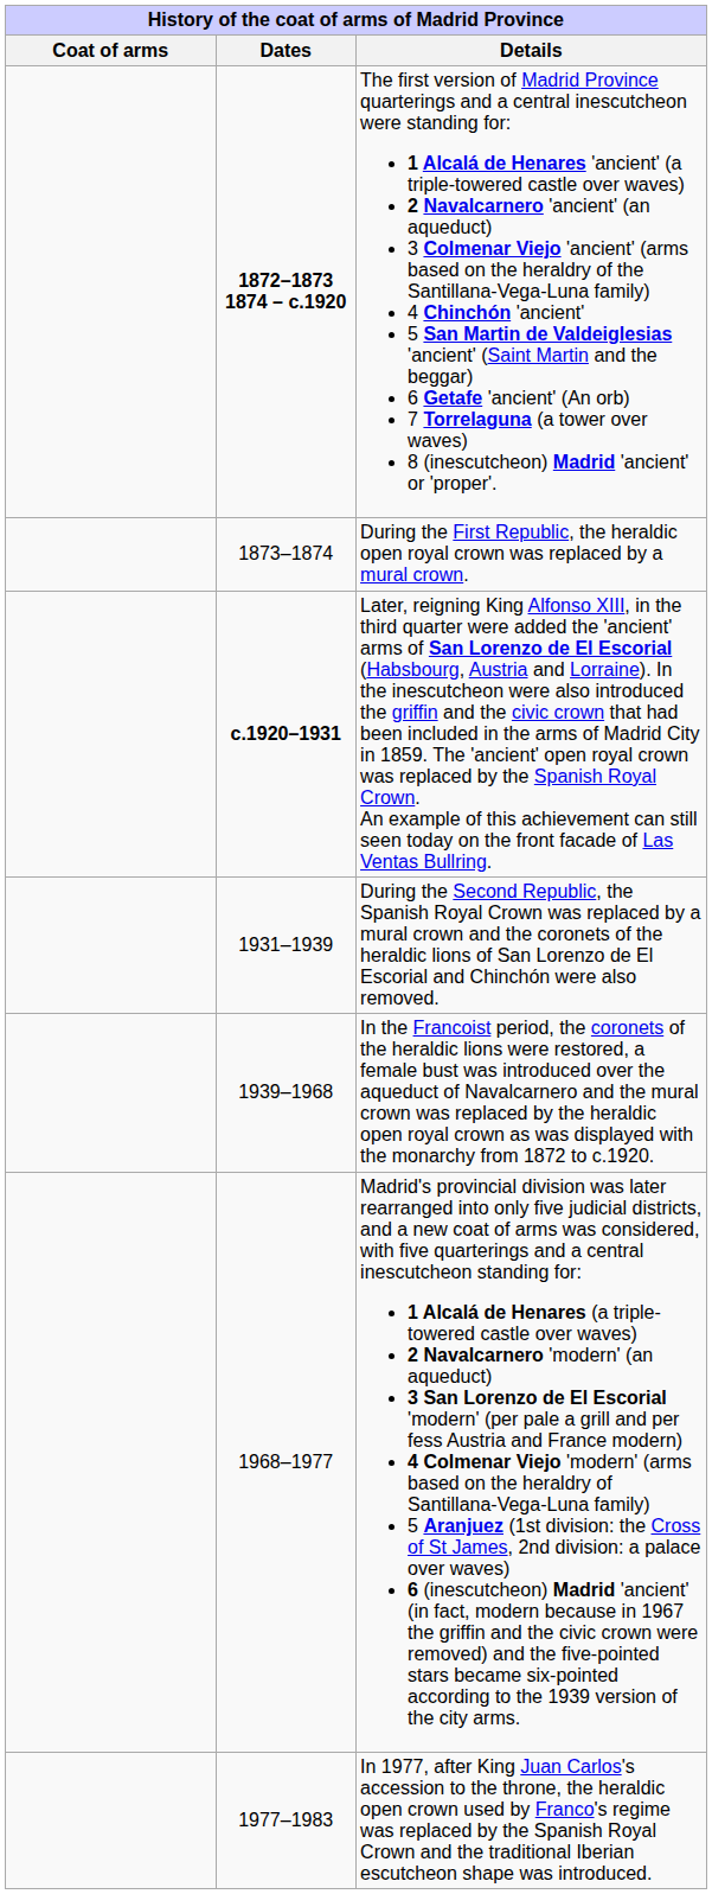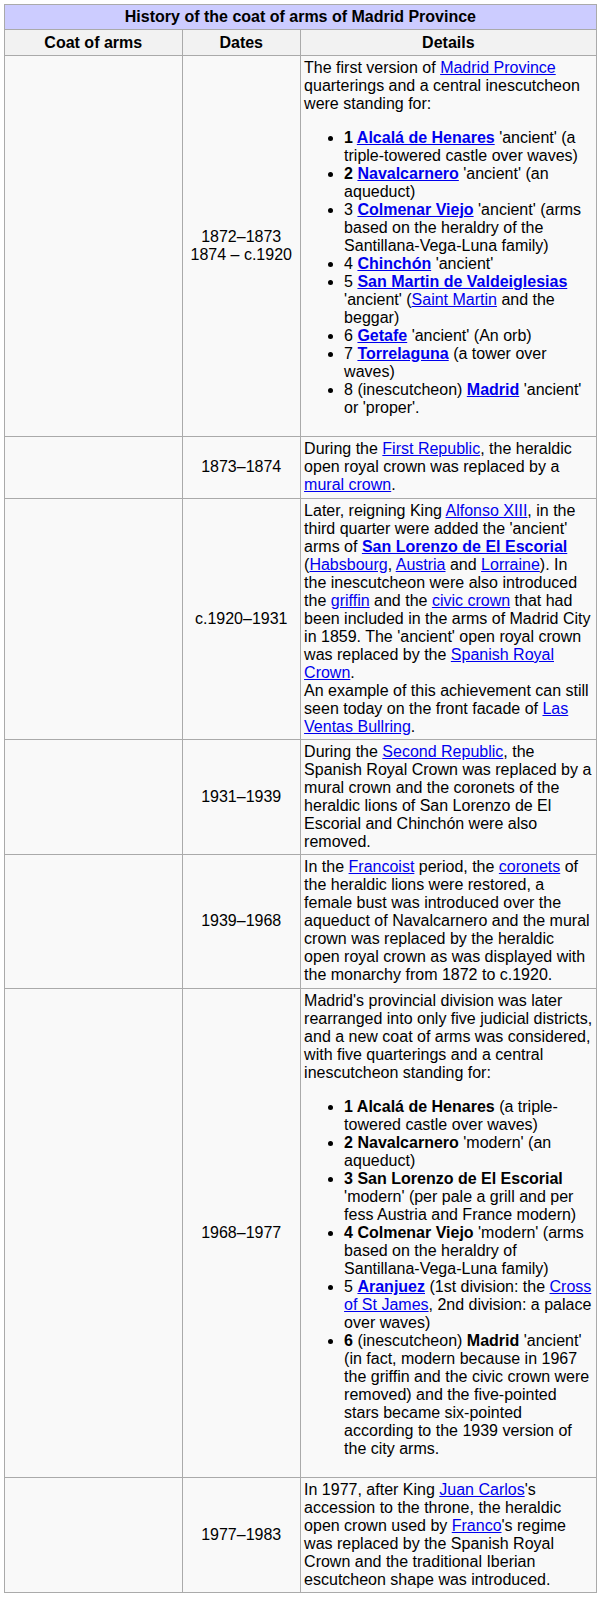 <table width=95% class="wikitable">
 <tr>
 <td colspan = "4" bgcolor = "#ccccff" align="center"><strong>History of the coat of arms of Madrid Province</strong></td>
 </tr>
 <tr>
 <th width = "30%">Coat of arms</th>
 <th width = "20%">Dates</th>
 <th width = "60%">Details</th>
 </tr>
 <tr>
 <td align="center"></td>
-<td align="center"><strong>1872–1873<br>1874 – c.1920</strong></td>
+<td align="center">1872–1873<br>1874 – c.1920</td>
 <td>The first version of <a href='#'>Madrid Province</a> quarterings and a central inescutcheon were standing for:<br><ul><li><strong>1 <a href='#'>Alcalá de Henares</a></strong> 'ancient' (a triple-towered castle over waves)</li><li><strong>2 <a href='#'>Navalcarnero</a></strong> 'ancient' (an aqueduct)</li><li>3 <strong><a href='#'>Colmenar Viejo</a></strong> 'ancient' (arms based on the heraldry of the Santillana-Vega-Luna family)</li><li>4 <strong><a href='#'>Chinchón</a></strong> 'ancient'</li><li>5 <strong><a href='#'>San Martin de Valdeiglesias</a></strong> 'ancient' (<a href='#'>Saint Martin</a> and the beggar)</li><li>6 <strong><a href='#'>Getafe</a></strong> 'ancient' (An orb)</li><li>7 <strong><a href='#'>Torrelaguna</a></strong> (a tower over waves)</li><li>8 (inescutcheon) <strong><a href='#'>Madrid</a></strong> 'ancient' or 'proper'.</li></ul></td>
 </tr>
 <tr>
 <td align="center"></td>
 <td align="center">1873–1874</td>
 <td>During the <a href='#'>First Republic</a>, the heraldic open royal crown was replaced by a <a href='#'>mural crown</a>.</td>
 </tr>
 <tr>
 <td align="center"></td>
-<td align="center"><strong>c.1920–1931</strong></td>
+<td align="center">c.1920–1931</td>
 <td>Later, reigning King <a href='#'>Alfonso XIII</a>, in the third  quarter were added the 'ancient' arms of <strong><a href='#'>San Lorenzo de El Escorial</a></strong> (<a href='#'>Habsbourg</a>, <a href='#'>Austria</a> and <a href='#'>Lorraine</a>). In the inescutcheon were also introduced the <a href='#'>griffin</a> and the <a href='#'>civic crown</a> that had been included in the arms of Madrid City in 1859. The 'ancient' open royal crown was replaced by the <a href='#'>Spanish Royal Crown</a>.<br>An example of this achievement can still seen today on the front facade of <a href='#'>Las Ventas Bullring</a>.</td>
 </tr>
 <tr>
 <td align="center"></td>
 <td align="center">1931–1939</td>
 <td>During the <a href='#'>Second Republic</a>, the Spanish Royal Crown was replaced by a mural crown and the coronets of the heraldic lions of San Lorenzo de El Escorial and Chinchón were also removed.</td>
 </tr>
 <tr>
 <td align="center"></td>
 <td align="center">1939–1968</td>
 <td>In the <a href='#'>Francoist</a> period, the <a href='#'>coronets</a> of the heraldic lions were restored, a female bust was introduced over the aqueduct of Navalcarnero and the mural crown was replaced by the heraldic open royal crown as was displayed with the monarchy from 1872 to c.1920.</td>
 </tr>
 <tr>
 <td align="center"></td>
 <td align="center">1968–1977</td>
 <td>Madrid's provincial division was later rearranged into only five judicial districts, and a new coat of arms was considered, with five quarterings and a central inescutcheon standing for:<br><ul><li><strong>1 Alcalá de Henares</strong> (a triple-towered castle over waves)</li><li><strong>2 Navalcarnero</strong> 'modern' (an aqueduct)</li><li><strong>3 San Lorenzo de El Escorial</strong> 'modern' (per pale a grill and per fess Austria and France modern)</li><li><strong>4 Colmenar Viejo</strong> 'modern' (arms based on the heraldry of Santillana-Vega-Luna family)</li><li>5 <strong><a href='#'>Aranjuez</a></strong> (1st division: the <a href='#'>Cross of St James</a>, 2nd division: a palace over waves)</li><li><strong>6</strong> (inescutcheon) <strong>Madrid</strong> 'ancient' (in fact, modern because in 1967 the griffin and the civic crown were removed) and the five-pointed stars became six-pointed according to the 1939 version of the city arms.</li></ul></td>
 </tr>
 <tr>
 <td align="center"></td>
 <td align="center">1977–1983</td>
 <td>In 1977, after King <a href='#'>Juan Carlos</a>'s accession to the throne, the heraldic open crown used by <a href='#'>Franco</a>'s regime was replaced by the Spanish Royal Crown and the traditional Iberian escutcheon shape was introduced.</td>
 </tr>
 </table>
